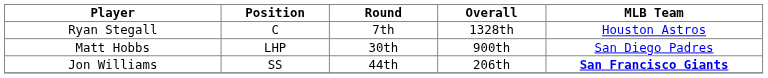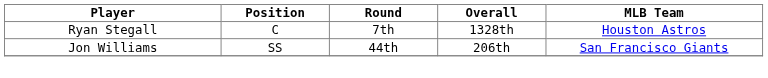 <table class="toccolours" border=1 style="text-align:center; border-collapse:collapse;">
 <tr>
 <th style="width:20%; ">Player</th>
 <th style="width:10%; ">Position</th>
 <th style="width:10%; ">Round</th>
 <th style="width:10%; ">Overall</th>
 <th style="width:20%; ">MLB Team</th>
 </tr>
 <tr>
 <td>Ryan Stegall</td>
 <td>C</td>
 <td>7th</td>
 <td>1328th</td>
 <td><a href='#'>Houston Astros</a></td>
 </tr>
 <tr>
-<td>Matt Hobbs</td>
-<td>LHP</td>
-<td>30th</td>
-<td>900th</td>
-<td><a href='#'>San Diego Padres</a></td>
-</tr>
-<tr>
 <td>Jon Williams</td>
 <td>SS</td>
 <td>44th</td>
 <td>206th</td>
-<td><strong><a href='#'>San Francisco Giants</a></strong></td>
+<td><a href='#'>San Francisco Giants</a></td>
 </tr>
 <tr>
 </tr>
 </table>
